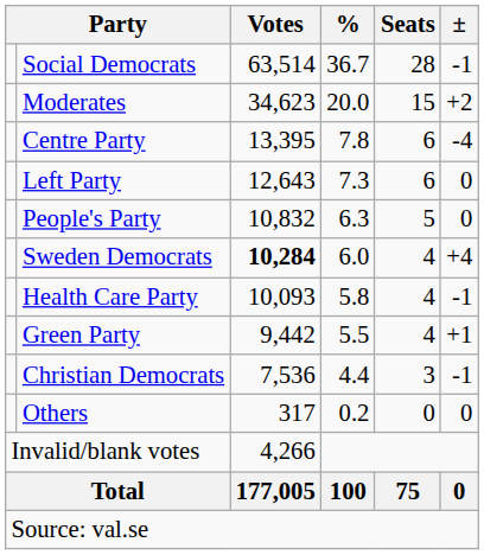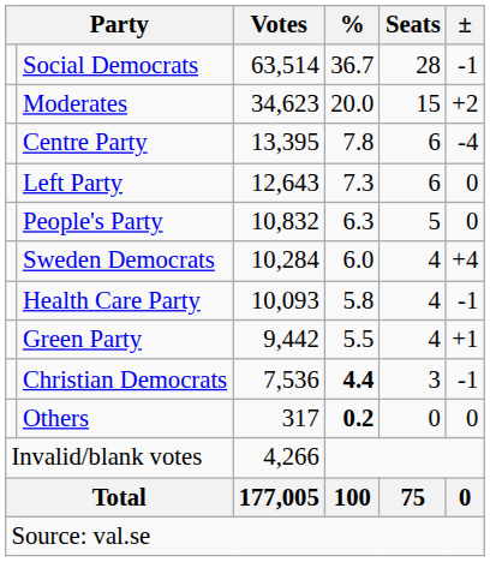 <table class=wikitable style=text-align:right>
 <tr>
 <th colspan=2>Party</th>
 <th>Votes</th>
 <th>%</th>
 <th>Seats</th>
 <th>±</th>
 </tr>
 <tr>
 <td bgcolor=></td>
 <td align=left><a href='#'>Social Democrats</a></td>
 <td>63,514</td>
 <td>36.7</td>
 <td>28</td>
 <td>-1</td>
 </tr>
 <tr>
 <td bgcolor=></td>
 <td align=left><a href='#'>Moderates</a></td>
 <td>34,623</td>
 <td>20.0</td>
 <td>15</td>
 <td>+2</td>
 </tr>
 <tr>
 <td bgcolor=></td>
 <td align=left><a href='#'>Centre Party</a></td>
 <td>13,395</td>
 <td>7.8</td>
 <td>6</td>
 <td>-4</td>
 </tr>
 <tr>
 <td bgcolor=></td>
 <td align=left><a href='#'>Left Party</a></td>
 <td>12,643</td>
 <td>7.3</td>
 <td>6</td>
 <td>0</td>
 </tr>
 <tr>
 <td bgcolor=></td>
 <td align=left><a href='#'>People's Party</a></td>
 <td>10,832</td>
 <td>6.3</td>
 <td>5</td>
 <td>0</td>
 </tr>
 <tr>
 <td bgcolor=></td>
 <td align=left><a href='#'>Sweden Democrats</a></td>
-<td><strong>10,284</strong></td>
+<td>10,284</td>
 <td>6.0</td>
 <td>4</td>
 <td>+4</td>
 </tr>
 <tr>
 <td></td>
 <td align=left><a href='#'>Health Care Party</a></td>
 <td>10,093</td>
 <td>5.8</td>
 <td>4</td>
 <td>-1</td>
 </tr>
 <tr>
 <td bgcolor=></td>
 <td align=left><a href='#'>Green Party</a></td>
 <td>9,442</td>
 <td>5.5</td>
 <td>4</td>
 <td>+1</td>
 </tr>
 <tr>
 <td bgcolor=></td>
 <td align=left><a href='#'>Christian Democrats</a></td>
 <td>7,536</td>
-<td>4.4</td>
+<td><strong>4.4</strong></td>
 <td>3</td>
 <td>-1</td>
 </tr>
 <tr>
 <td></td>
 <td align=left><a href='#'>Others</a></td>
 <td>317</td>
-<td>0.2</td>
+<td><strong>0.2</strong></td>
 <td>0</td>
 <td>0</td>
 </tr>
 <tr>
 <td align=left colspan=2>Invalid/blank votes</td>
 <td>4,266</td>
 <td colspan=3></td>
 </tr>
 <tr>
 <th align=left colspan=2>Total</th>
 <th>177,005</th>
 <th>100</th>
 <th>75</th>
 <th>0</th>
 </tr>
 <tr>
 <td align=left colspan=6>Source: val.se </td>
 </tr>
 </table>
